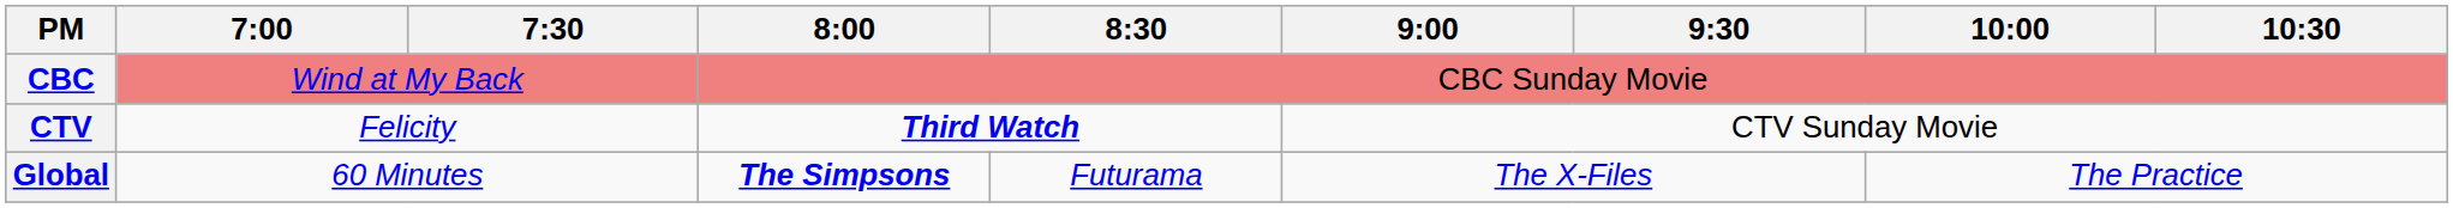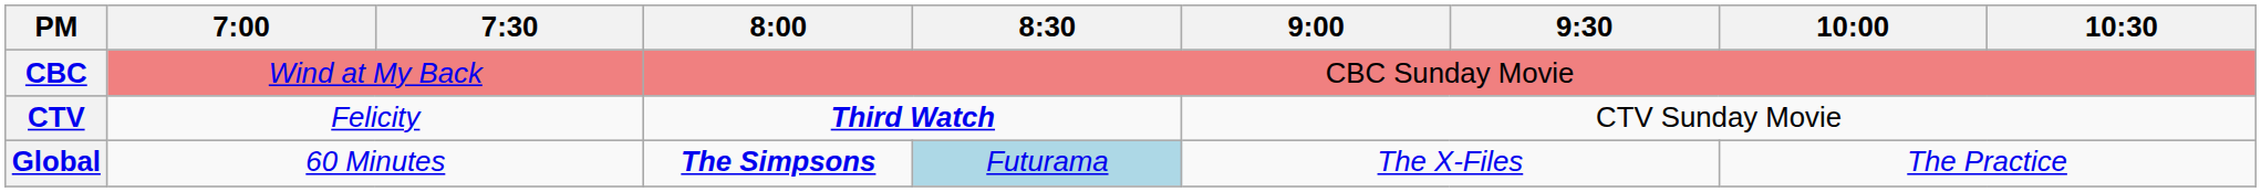 <table class="wikitable" width="100%">
 <tr>
 <th width="4%">PM</th>
 <th width="12%">7:00</th>
 <th width="12%">7:30</th>
 <th width="12%">8:00</th>
 <th width="12%">8:30</th>
 <th width="12%">9:00</th>
 <th width="12%">9:30</th>
 <th width="12%">10:00</th>
 <th width="12%">10:30</th>
 </tr>
 <tr align="center">
 <th><a href='#'>CBC</a></th>
 <td colspan="2" bgcolor="#F08080"><em><a href='#'>Wind at My Back</a></em></td>
 <td colspan="6" bgcolor="#F08080">CBC Sunday Movie</td>
 </tr>
 <tr align="center">
 <th><a href='#'>CTV</a></th>
 <td colspan="2"><em><a href='#'>Felicity</a></em></td>
 <td colspan="2"><strong><em><a href='#'>Third Watch</a></em></strong></td>
 <td colspan="4">CTV Sunday Movie</td>
 </tr>
 <tr align="center">
 <th><a href='#'>Global</a></th>
 <td colspan="2"><em><a href='#'>60 Minutes</a></em></td>
 <td colspan="1" align="center"><strong><em><a href='#'>The Simpsons</a></em></strong></td>
-<td colspan="1" align="center"><em><a href='#'>Futurama</a></em></td>
+<td colspan="1" align="center" style="background: lightblue;"><em><a href='#'>Futurama</a></em></td>
 <td colspan="2" align="center"><em><a href='#'>The X-Files</a></em></td>
 <td colspan="2" align="center"><em><a href='#'>The Practice</a></em></td>
 </tr>
 </table>
